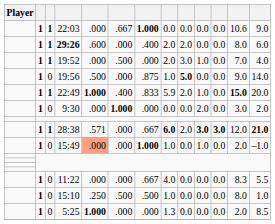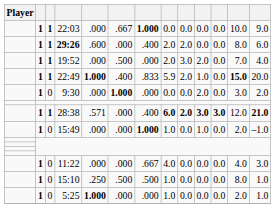 <table class="wikitable sortable" style="font-size:95%; text-align:right;">
 <tr>
 <th>Player</th>
 <th></th>
 <th></th>
 <th></th>
 <th></th>
 <th></th>
 <th></th>
 <th></th>
 <th></th>
 <th></th>
 <th></th>
 <th></th>
 <th></th>
 </tr>
 <tr>
 <td><strong></strong></td>
 <td><strong>1</strong></td>
 <td><strong>1</strong></td>
 <td>22:03</td>
 <td>.000</td>
 <td>.667</td>
 <td><strong>1.000</strong></td>
 <td>0.0</td>
 <td>0.0</td>
 <td>0.0</td>
 <td>0.0</td>
-<td>10.6</td>
+<td>10.0</td>
 <td>9.0</td>
 </tr>
 <tr>
 <td><strong></strong></td>
 <td><strong>1</strong></td>
 <td><strong>1</strong></td>
 <td><strong>29:26</strong></td>
 <td>.600</td>
 <td>.000</td>
 <td>.400</td>
 <td>2.0</td>
 <td>2.0</td>
 <td>0.0</td>
 <td>0.0</td>
 <td>8.0</td>
 <td>6.0</td>
 </tr>
 <tr>
 <td><strong></strong></td>
 <td><strong>1</strong></td>
 <td><strong>1</strong></td>
 <td>19:52</td>
 <td>.000</td>
 <td>.500</td>
 <td>.000</td>
 <td>2.0</td>
 <td>3.0</td>
-<td>1.0</td>
+<td>2.0</td>
 <td>0.0</td>
 <td>7.0</td>
 <td>4.0</td>
-</tr>
-<tr>
-<td><strong></strong></td>
-<td><strong>1</strong></td>
-<td>0</td>
-<td>19:56</td>
-<td>.500</td>
-<td>.000</td>
-<td>.875</td>
-<td>1.0</td>
-<td><strong>5.0</strong></td>
-<td>0.0</td>
-<td>0.0</td>
-<td>9.0</td>
-<td>14.0</td>
 </tr>
 <tr>
 <td><strong></strong></td>
 <td><strong>1</strong></td>
 <td><strong>1</strong></td>
 <td>22:49</td>
 <td><strong>1.000</strong></td>
 <td>.400</td>
 <td>.833</td>
 <td>5.9</td>
 <td>2.0</td>
 <td>1.0</td>
 <td>0.0</td>
 <td><strong>15.0</strong></td>
 <td>20.0</td>
 </tr>
 <tr>
 <td><strong></strong></td>
 <td><strong>1</strong></td>
 <td>0</td>
 <td>9:30</td>
 <td>.000</td>
 <td><strong>1.000</strong></td>
 <td>.000</td>
 <td>0.0</td>
 <td>0.0</td>
 <td>2.0</td>
 <td>0.0</td>
 <td>3.0</td>
 <td>2.0</td>
 </tr>
 <tr>
 <td><strong></strong></td>
 <td colspan=12 data-sort-value="-50"></td>
 </tr>
 <tr>
 <td><strong></strong></td>
 <td><strong>1</strong></td>
 <td><strong>1</strong></td>
 <td>28:38</td>
 <td>.571</td>
 <td>.000</td>
-<td>.667</td>
+<td>.400</td>
 <td><strong>6.0</strong></td>
-<td>2.0</td>
+<td><strong>2.0</strong></td>
 <td><strong>3.0</strong></td>
 <td><strong>3.0</strong></td>
 <td>12.0</td>
 <td><strong>21.0</strong></td>
 </tr>
 <tr>
 <td><strong></strong></td>
 <td><strong>1</strong></td>
 <td>0</td>
 <td>15:49</td>
-<td style="background: lightsalmon;">.000</td>
+<td>.000</td>
 <td>.000</td>
 <td><strong>1.000</strong></td>
 <td>1.0</td>
 <td>0.0</td>
 <td>1.0</td>
 <td>0.0</td>
 <td>2.0</td>
 <td>–1.0</td>
 </tr>
 <tr>
 <td><strong></strong></td>
 <td colspan=12 rowspan=4 data-sort-value="-50"></td>
 </tr>
 <tr>
 <td><strong></strong></td>
 </tr>
 <tr>
 <td><strong></strong></td>
 </tr>
 <tr>
 <td><strong></strong></td>
 </tr>
 <tr>
 <td><strong></strong></td>
 <td><strong>1</strong></td>
 <td>0</td>
 <td>11:22</td>
 <td>.000</td>
 <td>.000</td>
 <td>.667</td>
 <td>4.0</td>
 <td>0.0</td>
 <td>0.0</td>
 <td>0.0</td>
-<td>8.3</td>
-<td>5.5</td>
+<td>4.0</td>
+<td>3.0</td>
 </tr>
 <tr>
 <td><strong></strong></td>
 <td><strong>1</strong></td>
 <td>0</td>
 <td>15:10</td>
 <td>.250</td>
 <td>.500</td>
 <td>.500</td>
 <td>1.0</td>
 <td>0.0</td>
 <td>0.0</td>
 <td>0.0</td>
 <td>8.0</td>
 <td>1.0</td>
 </tr>
 <tr>
 <td><strong></strong></td>
 <td><strong>1</strong></td>
 <td>0</td>
 <td>5:25</td>
 <td><strong>1.000</strong></td>
 <td>.000</td>
 <td>.000</td>
-<td>1.3</td>
+<td>1.0</td>
 <td>0.0</td>
 <td>0.0</td>
 <td>0.0</td>
 <td>2.0</td>
-<td>8.5</td>
+<td>1.0</td>
 </tr>
 <tr>
 </tr>
 </table>
